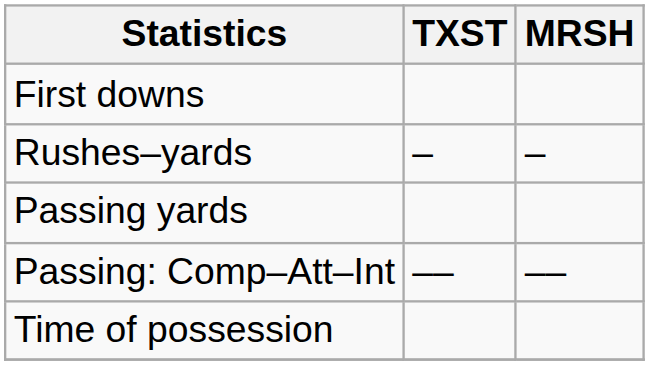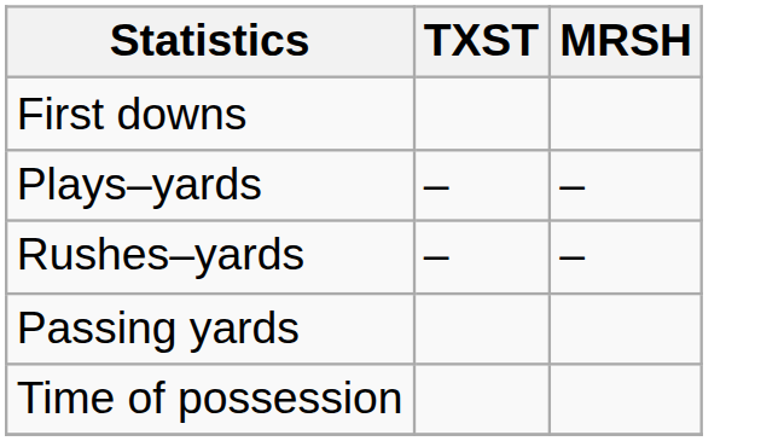 <table class="wikitable" style="float: left;">
 <tr>
 <th>Statistics</th>
 <th>TXST</th>
 <th>MRSH</th>
 </tr>
 <tr>
 <td>First downs</td>
 <td></td>
 <td></td>
 </tr>
 <tr>
+<td>Plays–yards</td>
+<td>–</td>
+<td>–</td>
+</tr>
+<tr>
 <td>Rushes–yards</td>
 <td>–</td>
 <td>–</td>
 </tr>
 <tr>
 <td>Passing yards</td>
 <td></td>
 <td></td>
 </tr>
 <tr>
-<td>Passing: Comp–Att–Int</td>
-<td>––</td>
-<td>––</td>
-</tr>
-<tr>
 <td>Time of possession</td>
 <td></td>
 <td></td>
 </tr>
 <tr>
 </tr>
 </table>
